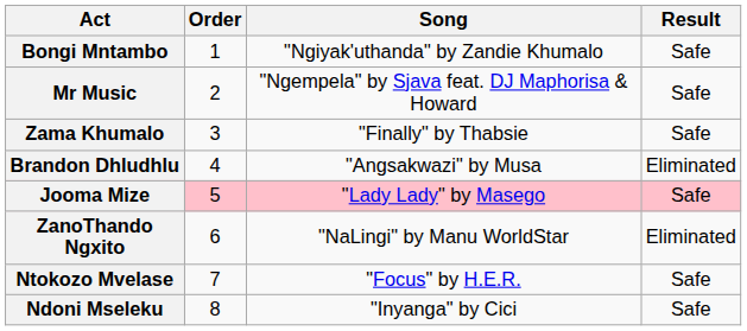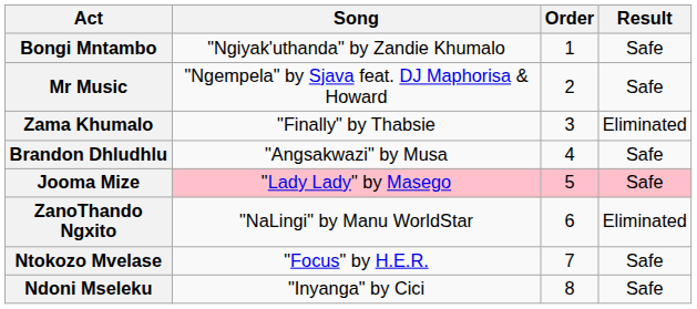 <table class="wikitable plainrowheaders" style="text-align:center;">
 <tr>
 <th scope"col">Act</th>
+<th scope"col">Song</th>
 <th scope"col">Order</th>
-<th scope"col">Song</th>
 <th scope"col">Result</th>
 </tr>
 <tr>
 <th scope=row>Bongi Mntambo</th>
+<td>"Ngiyak'uthanda" by Zandie Khumalo</td>
 <td>1</td>
-<td>"Ngiyak'uthanda" by Zandie Khumalo</td>
 <td>Safe</td>
 </tr>
 <tr>
 <th scope=row>Mr Music</th>
+<td>"Ngempela" by <a href='#'>Sjava</a> feat. <a href='#'>DJ Maphorisa</a> & Howard</td>
 <td>2</td>
-<td>"Ngempela" by <a href='#'>Sjava</a> feat. <a href='#'>DJ Maphorisa</a> & Howard</td>
 <td>Safe</td>
 </tr>
 <tr>
 <th scope=row>Zama Khumalo</th>
+<td>"Finally" by Thabsie</td>
 <td>3</td>
-<td>"Finally" by Thabsie</td>
-<td>Safe</td>
+<td>Eliminated</td>
 </tr>
 <tr>
 <th scope=row>Brandon Dhludhlu</th>
+<td>"Angsakwazi" by Musa</td>
 <td>4</td>
-<td>"Angsakwazi" by Musa</td>
-<td>Eliminated</td>
+<td>Safe</td>
 </tr>
 <tr style="background: pink">
 <th scope=row>Jooma Mize</th>
+<td>"<a href='#'>Lady Lady</a>" by <a href='#'>Masego</a></td>
 <td>5</td>
-<td>"<a href='#'>Lady Lady</a>" by <a href='#'>Masego</a></td>
 <td>Safe</td>
 </tr>
 <tr>
 <th scope=row>ZanoThando Ngxito</th>
+<td>"NaLingi" by Manu WorldStar</td>
 <td>6</td>
-<td>"NaLingi" by Manu WorldStar</td>
 <td>Eliminated</td>
 </tr>
 <tr>
 <th scope=row>Ntokozo Mvelase</th>
+<td>"<a href='#'>Focus</a>" by <a href='#'>H.E.R.</a></td>
 <td>7</td>
-<td>"<a href='#'>Focus</a>" by <a href='#'>H.E.R.</a></td>
 <td>Safe</td>
 </tr>
 <tr>
 <th scope=row>Ndoni Mseleku</th>
+<td>"Inyanga" by Cici</td>
 <td>8</td>
-<td>"Inyanga" by Cici</td>
 <td>Safe</td>
 </tr>
 </table>
